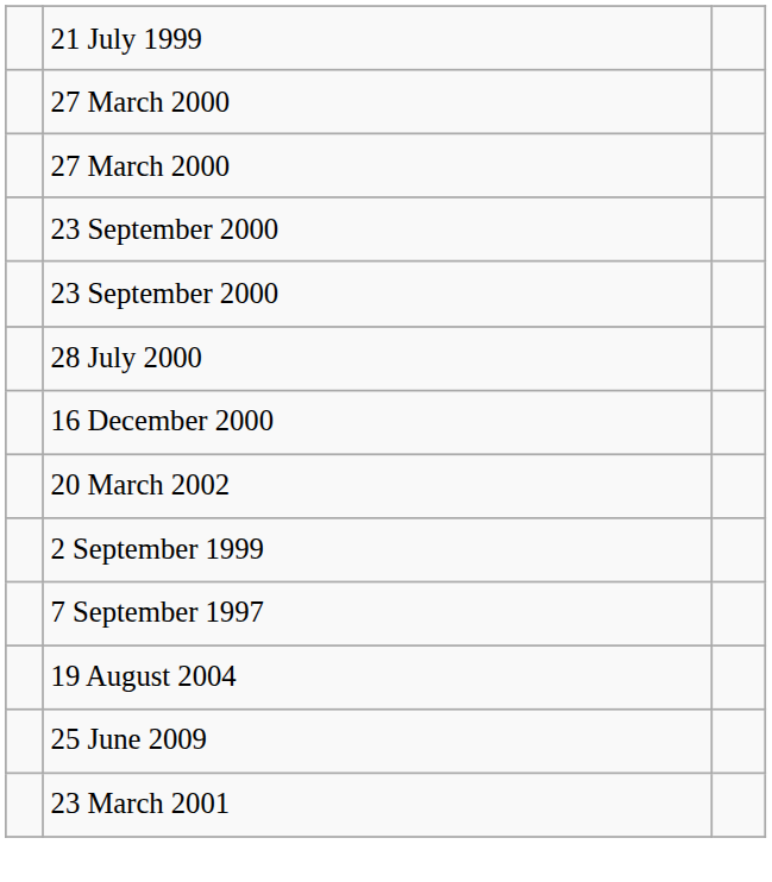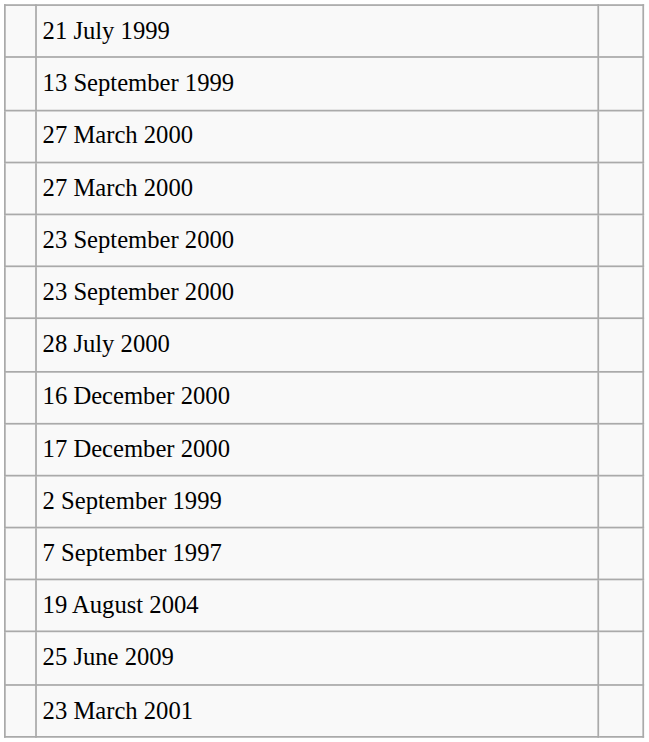 <table class="wikitable" style="font-size: 89%; float: left; width: 26em; margin-right: 1em; line-height: 1.65em !important; height: 405px;">
 <tr>
 <td></td>
 <td>21 July 1999</td>
+<td> </td>
+</tr>
+<tr>
+<td></td>
+<td>13 September 1999</td>
 <td> </td>
 </tr>
 <tr>
 <td></td>
 <td>27 March 2000</td>
 <td> </td>
 </tr>
 <tr>
 <td></td>
 <td>27 March 2000</td>
 <td> </td>
 </tr>
 <tr>
 <td></td>
 <td>23 September 2000</td>
 <td></td>
 </tr>
 <tr>
 <td></td>
 <td>23 September 2000</td>
 <td> </td>
 </tr>
 <tr>
 <td></td>
 <td>28 July 2000</td>
 <td></td>
 </tr>
 <tr>
 <td></td>
 <td>16 December 2000</td>
 <td> </td>
 </tr>
 <tr>
 <td></td>
-<td>20 March 2002</td>
+<td>17 December 2000</td>
 <td> </td>
 </tr>
 <tr>
 <td></td>
 <td>2 September 1999</td>
 <td></td>
 </tr>
 <tr>
 <td></td>
 <td>7 September 1997</td>
 <td> </td>
 </tr>
 <tr>
 <td></td>
 <td>19 August 2004</td>
 <td></td>
 </tr>
 <tr>
 <td></td>
 <td>25 June 2009</td>
 <td> </td>
 </tr>
 <tr>
 <td></td>
 <td>23 March 2001</td>
 <td></td>
 </tr>
 </table>
